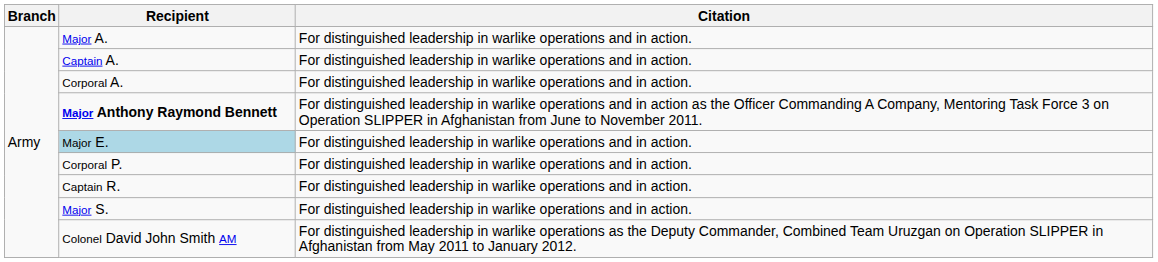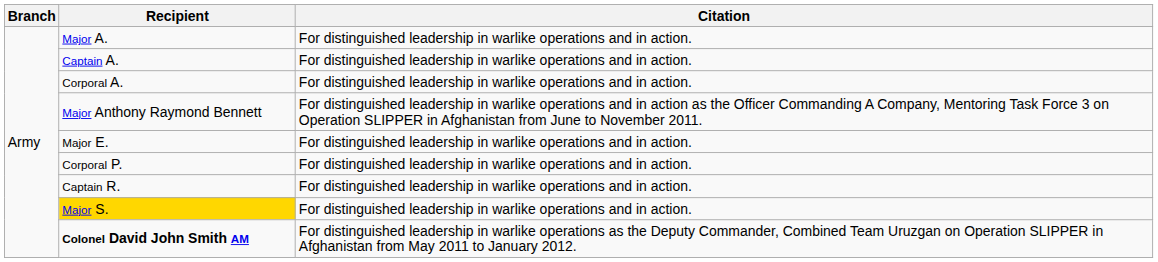 <table class="wikitable" style="font-size:95%;">
 <tr>
 <th scope="col" width="50">Branch</th>
 <th scope="col" width="250">Recipient</th>
 <th>Citation</th>
 </tr>
 <tr>
 <td rowspan="9">Army</td>
 <td><small><a href='#'>Major</a></small> A.</td>
 <td>For distinguished leadership in warlike operations and in action.</td>
 </tr>
 <tr>
 <td><small><a href='#'>Captain</a></small> A.</td>
 <td>For distinguished leadership in warlike operations and in action.</td>
 </tr>
 <tr>
 <td><small>Corporal</small> A.</td>
 <td>For distinguished leadership in warlike operations and in action.</td>
 </tr>
 <tr>
-<td><strong><small><a href='#'>Major</a></small> Anthony Raymond Bennett</strong></td>
+<td><small><a href='#'>Major</a></small> Anthony Raymond Bennett</td>
 <td>For distinguished leadership  in warlike operations and in action as the Officer Commanding A Company, Mentoring Task  Force 3 on Operation SLIPPER in Afghanistan from June to November 2011.</td>
 </tr>
 <tr>
-<td style="background: lightblue;"><small>Major</small> E.</td>
+<td><small>Major</small> E.</td>
 <td>For distinguished leadership in warlike operations and in action.</td>
 </tr>
 <tr>
 <td><small>Corporal</small> P.</td>
 <td>For distinguished leadership in warlike operations and in action.</td>
 </tr>
 <tr>
 <td><small>Captain</small> R.</td>
 <td>For distinguished leadership in warlike operations and in action.</td>
 </tr>
 <tr>
-<td><small><a href='#'>Major</a></small> S.</td>
+<td style="background: gold;"><small><a href='#'>Major</a></small> S.</td>
 <td>For distinguished leadership in warlike operations and in action.</td>
 </tr>
 <tr>
-<td><small>Colonel</small> David John Smith <small><a href='#'>AM</a></small></td>
+<td><strong><small>Colonel</small> David John Smith <small><a href='#'>AM</a></small></strong></td>
 <td>For distinguished leadership in warlike operations as the Deputy Commander, Combined Team Uruzgan on Operation SLIPPER in Afghanistan from May 2011 to January 2012.</td>
 </tr>
 </table>
